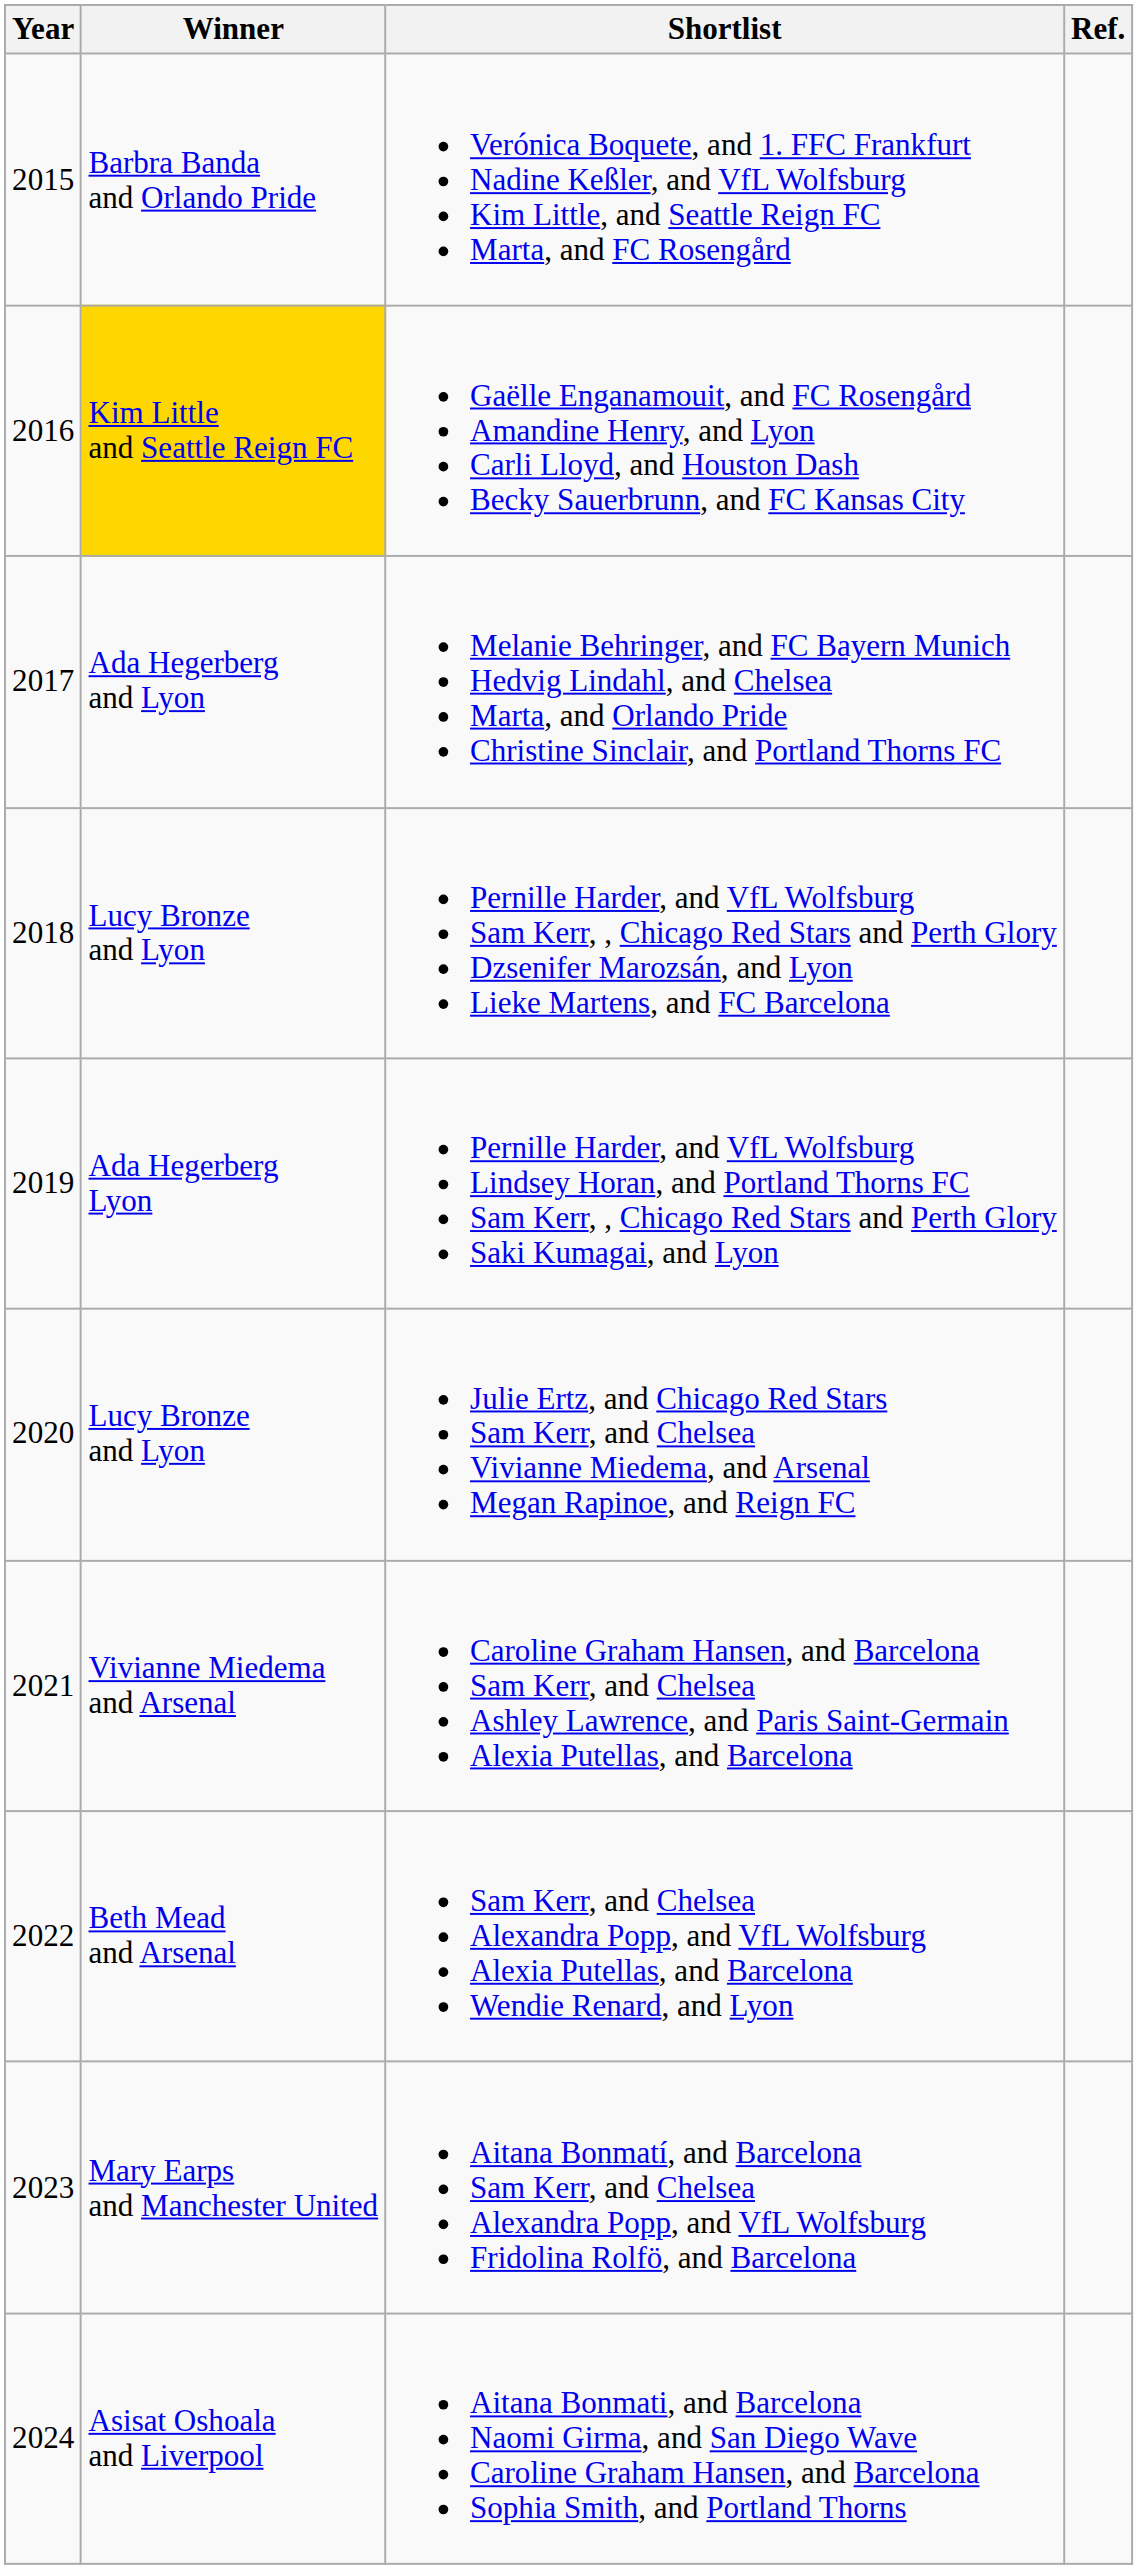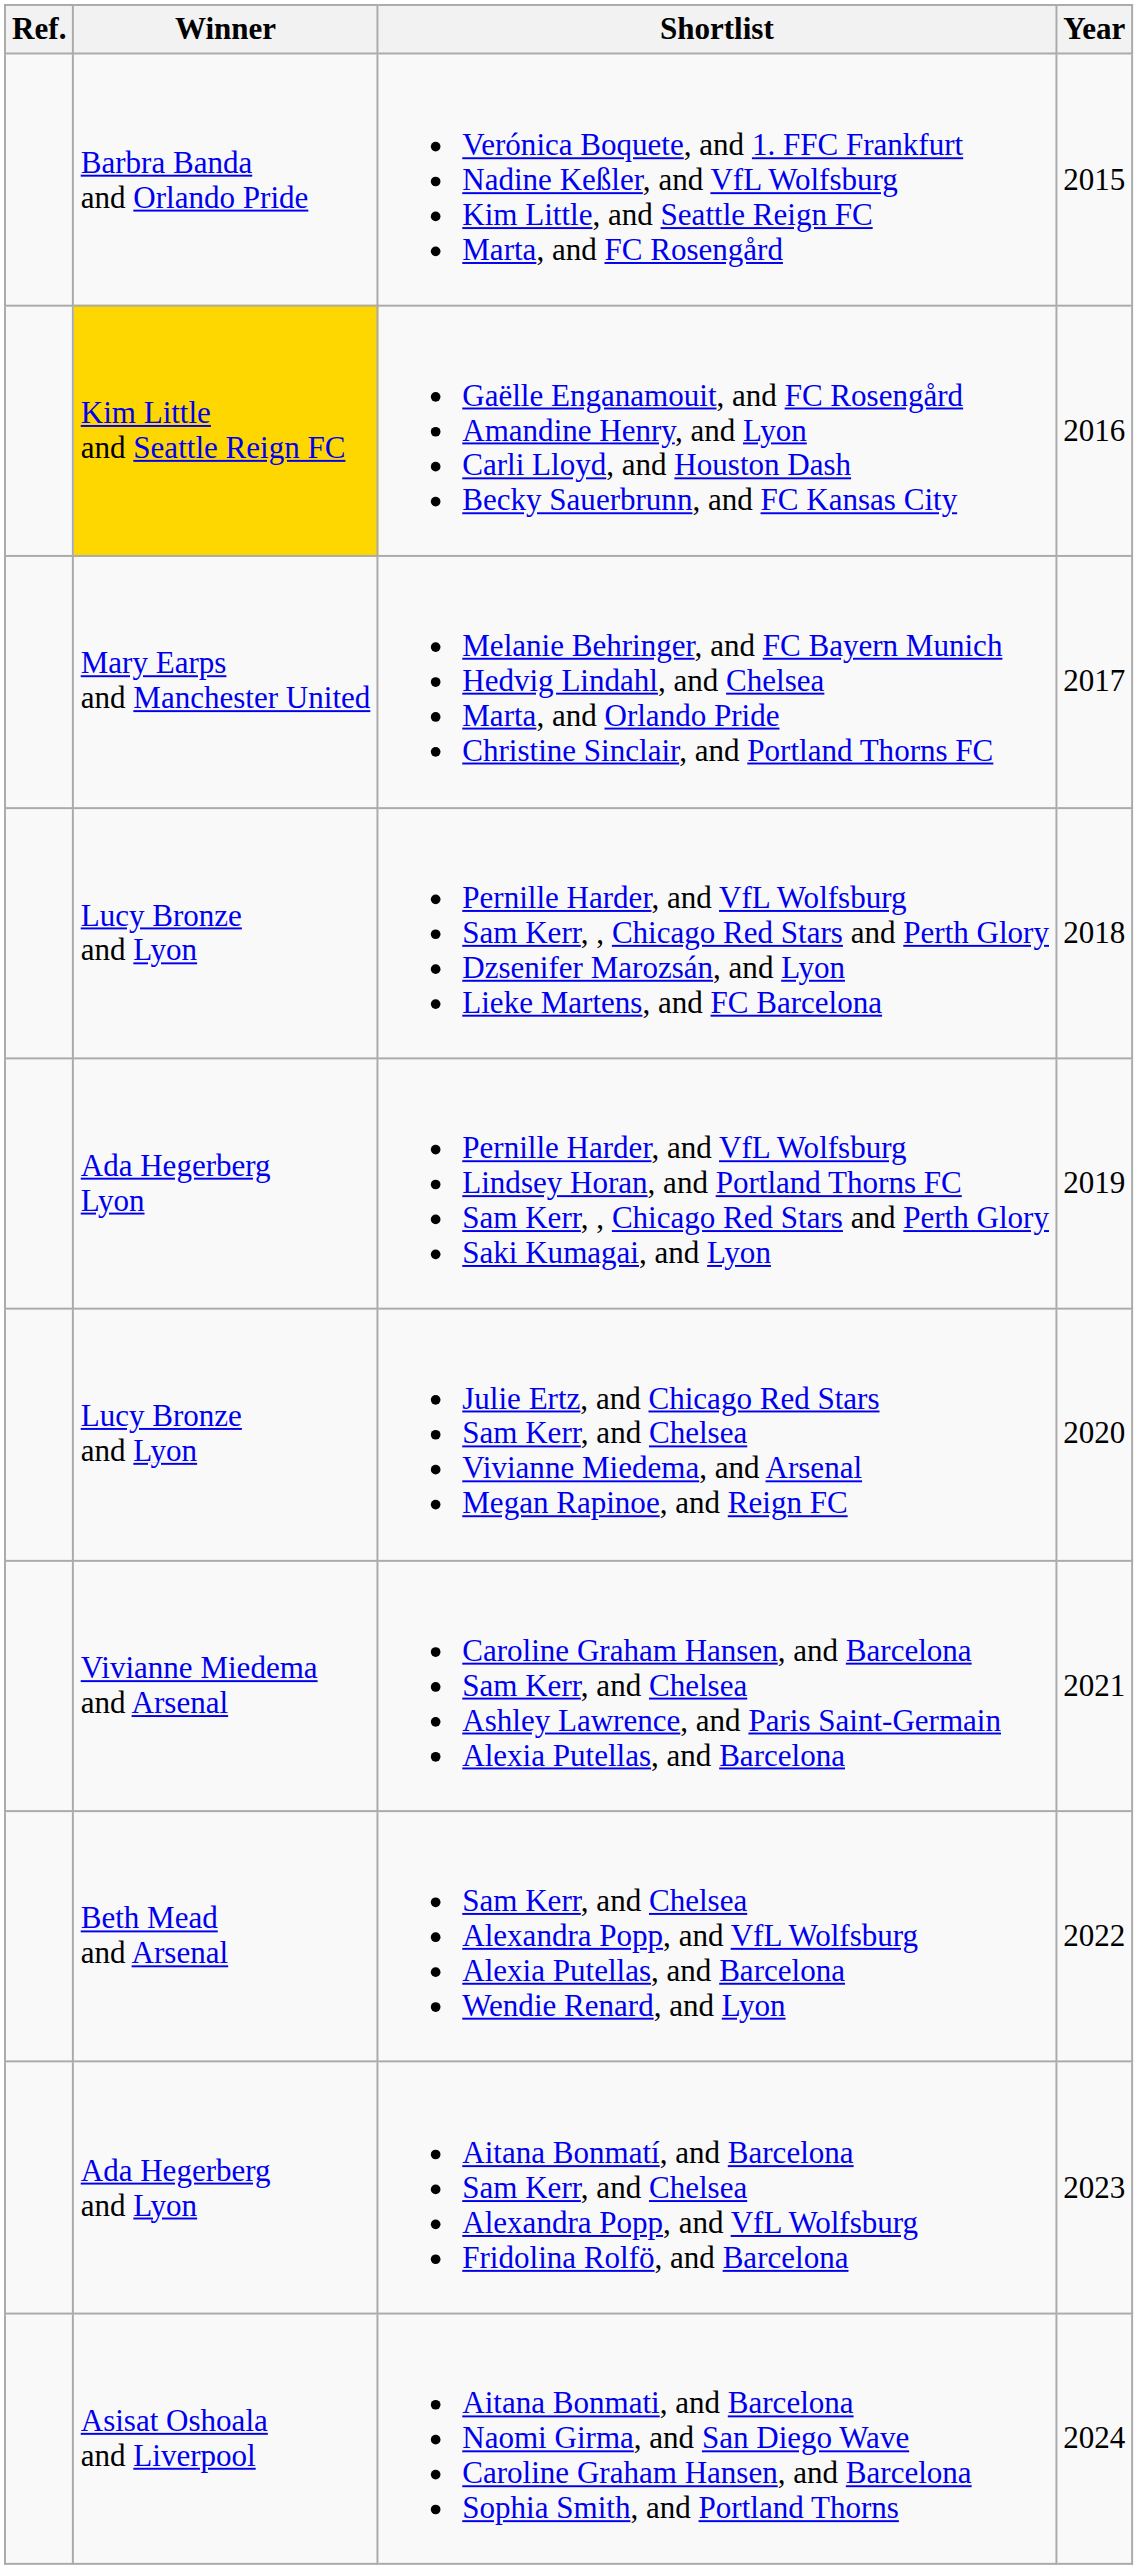 <table class="wikitable" >
 <tr>
-<th>Year</th>
+<th>Ref.</th>
 <th>Winner</th>
 <th>Shortlist</th>
-<th>Ref.</th>
+<th>Year</th>
 </tr>
 <tr>
-<td>2015</td>
+<td></td>
 <td><a href='#'>Barbra Banda</a><br> and  <a href='#'>Orlando Pride</a></td>
 <td><br><ul><li><a href='#'>Verónica Boquete</a>,  and  <a href='#'>1. FFC Frankfurt</a></li><li><a href='#'>Nadine Keßler</a>,  and  <a href='#'>VfL Wolfsburg</a></li><li><a href='#'>Kim Little</a>,  and  <a href='#'>Seattle Reign FC</a></li><li><a href='#'>Marta</a>,  and  <a href='#'>FC Rosengård</a></li></ul></td>
-<td></td>
+<td>2015</td>
 </tr>
 <tr>
-<td>2016</td>
+<td></td>
 <td style="background: gold;"><a href='#'>Kim Little</a><br> and  <a href='#'>Seattle Reign FC</a></td>
 <td><br><ul><li><a href='#'>Gaëlle Enganamouit</a>,  and  <a href='#'>FC Rosengård</a></li><li><a href='#'>Amandine Henry</a>,  and  <a href='#'>Lyon</a></li><li><a href='#'>Carli Lloyd</a>,  and  <a href='#'>Houston Dash</a></li><li><a href='#'>Becky Sauerbrunn</a>,  and  <a href='#'>FC Kansas City</a></li></ul></td>
-<td></td>
+<td>2016</td>
 </tr>
 <tr>
+<td></td>
+<td><a href='#'>Mary Earps</a><br> and  <a href='#'>Manchester United</a></td>
+<td><br><ul><li><a href='#'>Melanie Behringer</a>,  and  <a href='#'>FC Bayern Munich</a></li><li><a href='#'>Hedvig Lindahl</a>,  and  <a href='#'>Chelsea</a></li><li><a href='#'>Marta</a>,  and  <a href='#'>Orlando Pride</a></li><li><a href='#'>Christine Sinclair</a>,  and  <a href='#'>Portland Thorns FC</a></li></ul></td>
 <td>2017</td>
-<td><a href='#'>Ada Hegerberg</a><br> and  <a href='#'>Lyon</a></td>
-<td><br><ul><li><a href='#'>Melanie Behringer</a>,  and  <a href='#'>FC Bayern Munich</a></li><li><a href='#'>Hedvig Lindahl</a>,  and  <a href='#'>Chelsea</a></li><li><a href='#'>Marta</a>,  and  <a href='#'>Orlando Pride</a></li><li><a href='#'>Christine Sinclair</a>,  and  <a href='#'>Portland Thorns FC</a></li></ul></td>
-<td></td>
 </tr>
 <tr>
-<td>2018</td>
+<td></td>
 <td><a href='#'>Lucy Bronze</a><br> and  <a href='#'>Lyon</a></td>
 <td><br><ul><li><a href='#'>Pernille Harder</a>,  and  <a href='#'>VfL Wolfsburg</a></li><li><a href='#'>Sam Kerr</a>, ,  <a href='#'>Chicago Red Stars</a> and  <a href='#'>Perth Glory</a></li><li><a href='#'>Dzsenifer Marozsán</a>,  and  <a href='#'>Lyon</a></li><li><a href='#'>Lieke Martens</a>,  and  <a href='#'>FC Barcelona</a></li></ul></td>
-<td></td>
+<td>2018</td>
 </tr>
 <tr>
-<td>2019</td>
+<td></td>
 <td><a href='#'>Ada Hegerberg</a><br> <a href='#'>Lyon</a></td>
 <td><br><ul><li><a href='#'>Pernille Harder</a>,  and  <a href='#'>VfL Wolfsburg</a></li><li><a href='#'>Lindsey Horan</a>,  and  <a href='#'>Portland Thorns FC</a></li><li><a href='#'>Sam Kerr</a>, ,  <a href='#'>Chicago Red Stars</a> and  <a href='#'>Perth Glory</a></li><li><a href='#'>Saki Kumagai</a>,  and  <a href='#'>Lyon</a></li></ul></td>
-<td></td>
+<td>2019</td>
 </tr>
 <tr>
-<td>2020</td>
+<td></td>
 <td><a href='#'>Lucy Bronze</a><br> and  <a href='#'>Lyon</a></td>
 <td><br><ul><li><a href='#'>Julie Ertz</a>,  and  <a href='#'>Chicago Red Stars</a></li><li><a href='#'>Sam Kerr</a>,  and  <a href='#'>Chelsea</a></li><li><a href='#'>Vivianne Miedema</a>,  and  <a href='#'>Arsenal</a></li><li><a href='#'>Megan Rapinoe</a>,  and  <a href='#'>Reign FC</a></li></ul></td>
-<td></td>
+<td>2020</td>
 </tr>
 <tr>
-<td>2021</td>
+<td></td>
 <td><a href='#'>Vivianne Miedema</a><br> and  <a href='#'>Arsenal</a></td>
 <td><br><ul><li><a href='#'>Caroline Graham Hansen</a>,  and  <a href='#'>Barcelona</a></li><li><a href='#'>Sam Kerr</a>,  and  <a href='#'>Chelsea</a></li><li><a href='#'>Ashley Lawrence</a>,  and  <a href='#'>Paris Saint-Germain</a></li><li><a href='#'>Alexia Putellas</a>,  and  <a href='#'>Barcelona</a></li></ul></td>
-<td></td>
+<td>2021</td>
 </tr>
 <tr>
-<td>2022</td>
+<td></td>
 <td><a href='#'>Beth Mead</a><br> and  <a href='#'>Arsenal</a></td>
 <td><br><ul><li><a href='#'>Sam Kerr</a>,  and  <a href='#'>Chelsea</a></li><li><a href='#'>Alexandra Popp</a>,  and  <a href='#'>VfL Wolfsburg</a></li><li><a href='#'>Alexia Putellas</a>,  and  <a href='#'>Barcelona</a></li><li><a href='#'>Wendie Renard</a>,  and  <a href='#'>Lyon</a></li></ul></td>
-<td></td>
+<td>2022</td>
 </tr>
 <tr>
+<td></td>
+<td><a href='#'>Ada Hegerberg</a><br> and  <a href='#'>Lyon</a></td>
+<td><br><ul><li><a href='#'>Aitana Bonmatí</a>,  and  <a href='#'>Barcelona</a></li><li><a href='#'>Sam Kerr</a>,  and   <a href='#'>Chelsea</a></li><li><a href='#'>Alexandra Popp</a>,  and  <a href='#'>VfL Wolfsburg</a></li><li><a href='#'>Fridolina Rolfö</a>,  and   <a href='#'>Barcelona</a></li></ul></td>
 <td>2023</td>
-<td><a href='#'>Mary Earps</a><br> and  <a href='#'>Manchester United</a></td>
-<td><br><ul><li><a href='#'>Aitana Bonmatí</a>,  and  <a href='#'>Barcelona</a></li><li><a href='#'>Sam Kerr</a>,  and   <a href='#'>Chelsea</a></li><li><a href='#'>Alexandra Popp</a>,  and  <a href='#'>VfL Wolfsburg</a></li><li><a href='#'>Fridolina Rolfö</a>,  and   <a href='#'>Barcelona</a></li></ul></td>
-<td></td>
 </tr>
 <tr>
-<td>2024</td>
+<td></td>
 <td><a href='#'>Asisat Oshoala</a><br> and  <a href='#'>Liverpool</a></td>
 <td><br><ul><li><a href='#'>Aitana Bonmati</a>,  and  <a href='#'>Barcelona</a></li><li><a href='#'>Naomi Girma</a>,  and  <a href='#'>San Diego Wave</a></li><li><a href='#'>Caroline Graham Hansen</a>,  and  <a href='#'>Barcelona</a></li><li><a href='#'>Sophia Smith</a>,  and  <a href='#'>Portland Thorns</a></li></ul></td>
-<td></td>
+<td>2024</td>
 </tr>
 </table>
